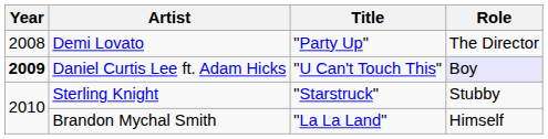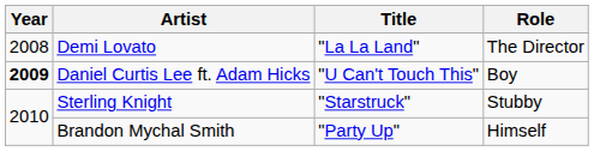 <table class="wikitable">
 <tr>
 <th>Year</th>
 <th>Artist</th>
 <th>Title</th>
 <th>Role</th>
 </tr>
 <tr>
 <td>2008</td>
 <td><a href='#'>Demi Lovato</a></td>
-<td>"<a href='#'>Party Up</a>"</td>
+<td>"<a href='#'>La La Land</a>"</td>
 <td>The Director</td>
 </tr>
 <tr>
 <td><strong>2009</strong></td>
 <td><a href='#'>Daniel Curtis Lee</a> ft. <a href='#'>Adam Hicks</a></td>
 <td>"<a href='#'>U Can't Touch This</a>"</td>
-<td style="background: lavender;">Boy</td>
+<td>Boy</td>
 </tr>
 <tr>
 <td rowspan="2">2010</td>
 <td><a href='#'>Sterling Knight</a></td>
 <td>"<a href='#'>Starstruck</a>"</td>
 <td>Stubby</td>
 </tr>
 <tr>
 <td>Brandon Mychal Smith</td>
-<td>"<a href='#'>La La Land</a>"</td>
+<td>"<a href='#'>Party Up</a>"</td>
 <td>Himself</td>
 </tr>
 </table>
